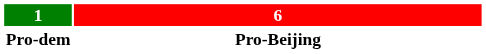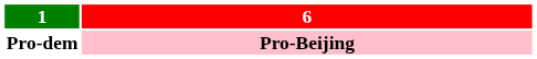 <table style="width:50%; text-align:center;">
 <tr style="color:white;">
 <td style="background:green; width:14.3%;"><strong>1</strong></td>
 <td style="background:red; width:85.7%;"><strong>6</strong></td>
 </tr>
 <tr>
 <td><span><strong>Pro-dem</strong></span></td>
-<td><span><strong>Pro-Beijing</strong></span></td>
+<td style="background: pink;"><span><strong>Pro-Beijing</strong></span></td>
 </tr>
 </table>
